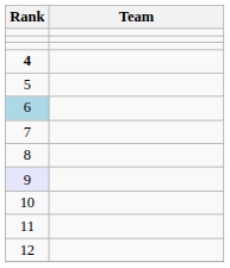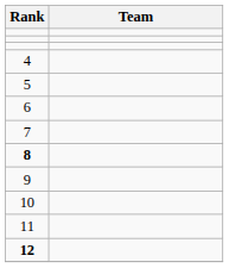 <table class="wikitable">
 <tr>
 <th style="width: 40px;">Rank</th>
 <th style="width: 180px;">Team</th>
 </tr>
 <tr>
 <td align=center></td>
 <td></td>
 </tr>
 <tr>
 <td align=center></td>
 <td></td>
 </tr>
 <tr>
 <td align=center></td>
 <td></td>
 </tr>
 <tr>
-<td align=center><strong>4</strong></td>
+<td align=center>4</td>
 <td></td>
 </tr>
 <tr>
 <td align=center>5</td>
 <td></td>
 </tr>
 <tr>
-<td align=center style="background: lightblue;">6</td>
+<td align=center>6</td>
 <td></td>
 </tr>
 <tr>
 <td align=center>7</td>
 <td></td>
 </tr>
 <tr>
-<td align=center>8</td>
+<td align=center><strong>8</strong></td>
 <td></td>
 </tr>
 <tr>
-<td align=center style="background: lavender;">9</td>
+<td align=center>9</td>
 <td></td>
 </tr>
 <tr>
 <td align=center>10</td>
 <td></td>
 </tr>
 <tr>
 <td align=center>11</td>
 <td></td>
 </tr>
 <tr>
-<td align=center>12</td>
+<td align=center><strong>12</strong></td>
 <td></td>
 </tr>
 <tr>
 </tr>
 </table>
